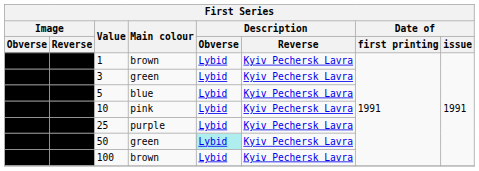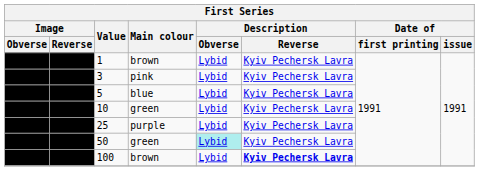 <table class="wikitable" style="font-size: 90%">
 <tr>
 <th colspan="9">First Series</th>
 </tr>
 <tr>
 <th colspan="2">Image</th>
 <th rowspan="2">Value</th>
 <th rowspan="2">Main colour</th>
 <th colspan="2">Description</th>
 <th colspan="2">Date of</th>
 </tr>
 <tr>
 <th>Obverse</th>
 <th>Reverse</th>
 <th>Obverse</th>
 <th>Reverse</th>
 <th>first printing</th>
 <th>issue</th>
 </tr>
 <tr>
 <td align="center" bgcolor="#000000"></td>
 <td align="center" bgcolor="#000000"></td>
 <td>1</td>
 <td>brown</td>
 <td><a href='#'>Lybid</a></td>
 <td><a href='#'>Kyiv Pechersk Lavra</a></td>
 <td rowspan="7">1991</td>
 <td rowspan="7">1991</td>
 </tr>
 <tr>
 <td align="center" bgcolor="#000000"></td>
 <td align="center" bgcolor="#000000"></td>
 <td>3</td>
-<td>green</td>
+<td>pink</td>
 <td><a href='#'>Lybid</a></td>
 <td><a href='#'>Kyiv Pechersk Lavra</a></td>
 </tr>
 <tr>
 <td align="center" bgcolor="#000000"></td>
 <td align="center" bgcolor="#000000"></td>
 <td>5</td>
 <td>blue</td>
 <td><a href='#'>Lybid</a></td>
 <td><a href='#'>Kyiv Pechersk Lavra</a></td>
 </tr>
 <tr>
 <td align="center" bgcolor="#000000"></td>
 <td align="center" bgcolor="#000000"></td>
 <td>10</td>
-<td>pink</td>
+<td>green</td>
 <td><a href='#'>Lybid</a></td>
 <td><a href='#'>Kyiv Pechersk Lavra</a></td>
 </tr>
 <tr>
 <td align="center" bgcolor="#000000"></td>
 <td align="center" bgcolor="#000000"></td>
 <td>25</td>
 <td>purple</td>
 <td><a href='#'>Lybid</a></td>
 <td><a href='#'>Kyiv Pechersk Lavra</a></td>
 </tr>
 <tr>
 <td align="center" bgcolor="#000000"></td>
 <td align="center" bgcolor="#000000"></td>
 <td>50</td>
 <td>green</td>
 <td style="background: paleturquoise;"><a href='#'>Lybid</a></td>
 <td><a href='#'>Kyiv Pechersk Lavra</a></td>
 </tr>
 <tr>
 <td align="center" bgcolor="#000000"></td>
 <td align="center" bgcolor="#000000"></td>
 <td>100</td>
 <td>brown</td>
 <td><a href='#'>Lybid</a></td>
-<td><a href='#'>Kyiv Pechersk Lavra</a></td>
+<td><strong><a href='#'>Kyiv Pechersk Lavra</a></strong></td>
 </tr>
 <tr>
 </tr>
 </table>
